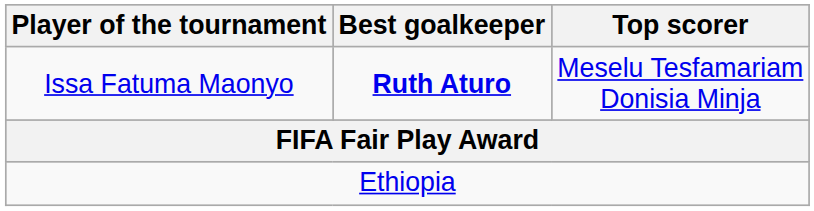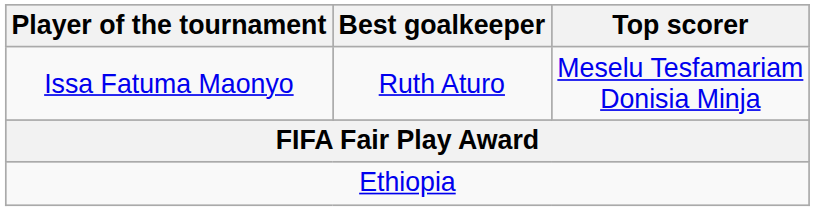 <table class="wikitable" style="margin:auto; text-align:center;">
 <tr>
 <th>Player of the tournament</th>
 <th>Best goalkeeper</th>
 <th>Top scorer</th>
 </tr>
 <tr>
 <td> <a href='#'>Issa Fatuma Maonyo</a></td>
-<td><strong> <a href='#'>Ruth Aturo</a></strong></td>
+<td> <a href='#'>Ruth Aturo</a></td>
 <td> <a href='#'>Meselu Tesfamariam</a><br> <a href='#'>Donisia Minja</a></td>
 </tr>
 <tr>
 <th colspan="3">FIFA Fair Play Award</th>
 </tr>
 <tr>
 <td colspan="3"> <a href='#'>Ethiopia</a></td>
 </tr>
 </table>
